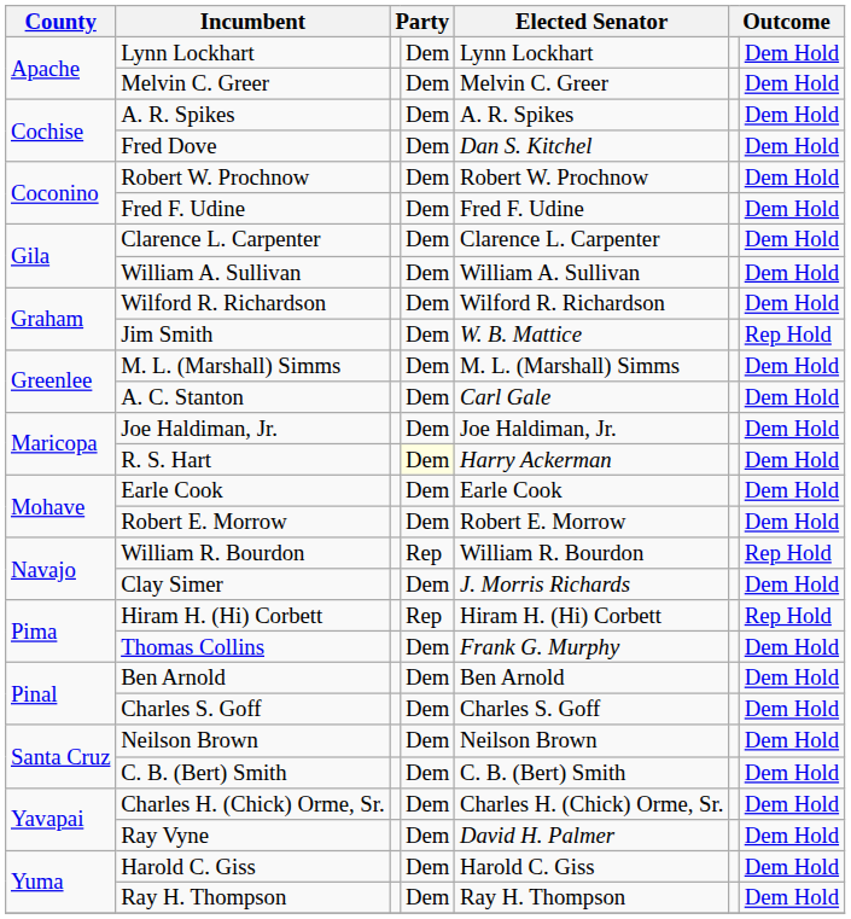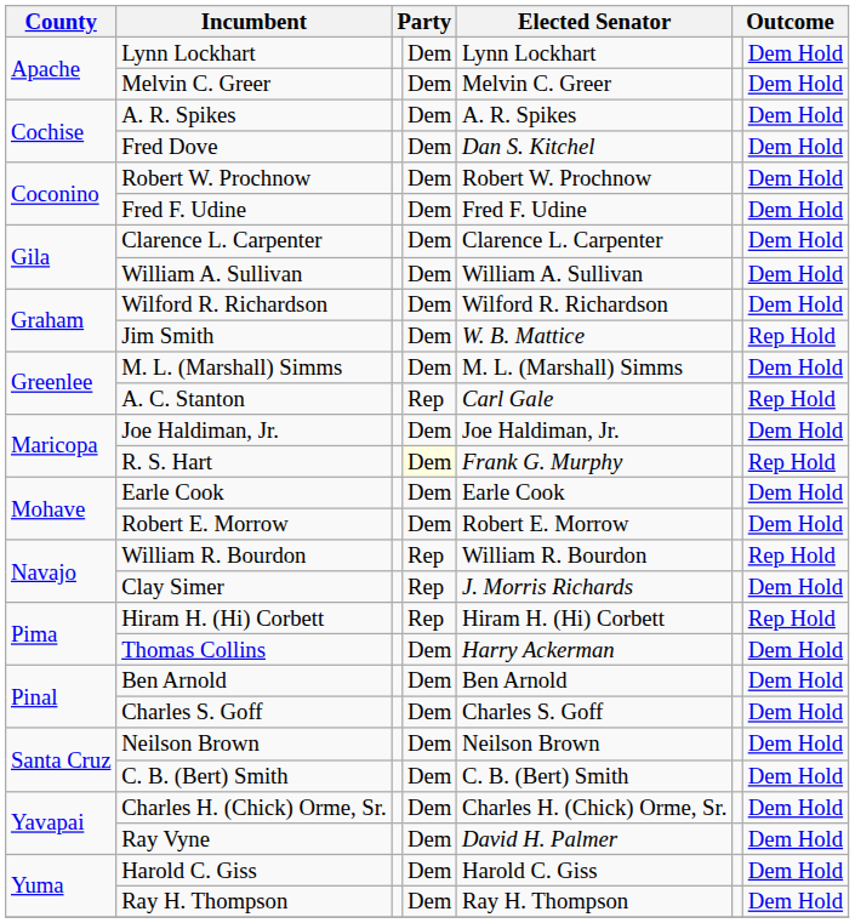 <table class="sortable wikitable" style="font-size:95%;line-height:14px;">
 <tr>
 <th><a href='#'>County</a></th>
 <th>Incumbent</th>
 <th colspan="2">Party</th>
 <th>Elected Senator</th>
 <th colspan="2">Outcome</th>
 </tr>
 <tr>
 <td rowspan="2"><a href='#'>Apache</a></td>
 <td>Lynn Lockhart</td>
 <td style="background:"></td>
 <td>Dem</td>
 <td>Lynn Lockhart</td>
 <td style="background:"></td>
 <td><a href='#'>Dem Hold</a></td>
 </tr>
 <tr>
 <td>Melvin C. Greer</td>
 <td style="background:"></td>
 <td>Dem</td>
 <td>Melvin C. Greer</td>
 <td style="background:"></td>
 <td><a href='#'>Dem Hold</a></td>
 </tr>
 <tr>
 <td rowspan="2"><a href='#'>Cochise</a></td>
 <td>A. R. Spikes</td>
 <td style="background:"></td>
 <td>Dem</td>
 <td>A. R. Spikes</td>
 <td style="background:"></td>
 <td><a href='#'>Dem Hold</a></td>
 </tr>
 <tr>
 <td>Fred Dove</td>
 <td style="background:"></td>
 <td>Dem</td>
 <td><em>Dan S. Kitchel</em></td>
 <td style="background:"></td>
 <td><a href='#'>Dem Hold</a></td>
 </tr>
 <tr>
 <td rowspan="2"><a href='#'>Coconino</a></td>
 <td>Robert W. Prochnow</td>
 <td style="background:"></td>
 <td>Dem</td>
 <td>Robert W. Prochnow</td>
 <td style="background:"></td>
 <td><a href='#'>Dem Hold</a></td>
 </tr>
 <tr>
 <td>Fred F. Udine</td>
 <td style="background:"></td>
 <td>Dem</td>
 <td>Fred F. Udine</td>
 <td style="background:"></td>
 <td><a href='#'>Dem Hold</a></td>
 </tr>
 <tr>
 <td rowspan="2"><a href='#'>Gila</a></td>
 <td>Clarence L. Carpenter</td>
 <td style="background:"></td>
 <td>Dem</td>
 <td>Clarence L. Carpenter</td>
 <td style="background:"></td>
 <td><a href='#'>Dem Hold</a></td>
 </tr>
 <tr>
 <td>William A. Sullivan</td>
 <td style="background:"></td>
 <td>Dem</td>
 <td>William A. Sullivan</td>
 <td style="background:"></td>
 <td><a href='#'>Dem Hold</a></td>
 </tr>
 <tr>
 <td rowspan="2"><a href='#'>Graham</a></td>
 <td>Wilford R. Richardson</td>
 <td style="background:"></td>
 <td>Dem</td>
 <td>Wilford R. Richardson</td>
 <td style="background:"></td>
 <td><a href='#'>Dem Hold</a></td>
 </tr>
 <tr>
 <td>Jim Smith</td>
 <td style="background:"></td>
 <td>Dem</td>
 <td><em>W. B. Mattice</em></td>
 <td style="background:"></td>
 <td><a href='#'>Rep Hold</a></td>
 </tr>
 <tr>
 <td rowspan="2"><a href='#'>Greenlee</a></td>
 <td>M. L. (Marshall) Simms</td>
 <td style="background:"></td>
 <td>Dem</td>
 <td>M. L. (Marshall) Simms</td>
 <td style="background:"></td>
 <td><a href='#'>Dem Hold</a></td>
 </tr>
 <tr>
 <td>A. C. Stanton</td>
 <td style="background:"></td>
-<td>Dem</td>
+<td>Rep</td>
 <td><em>Carl Gale</em></td>
 <td style="background:"></td>
-<td><a href='#'>Dem Hold</a></td>
+<td><a href='#'>Rep Hold</a></td>
 </tr>
 <tr>
 <td rowspan="2"><a href='#'>Maricopa</a></td>
 <td>Joe Haldiman, Jr.</td>
 <td style="background:"></td>
 <td>Dem</td>
 <td>Joe Haldiman, Jr.</td>
 <td style="background:"></td>
 <td><a href='#'>Dem Hold</a></td>
 </tr>
 <tr>
 <td>R. S. Hart</td>
 <td style="background:"></td>
 <td style="background: lightyellow;">Dem</td>
-<td><em>Harry Ackerman</em></td>
+<td><em>Frank G. Murphy</em></td>
 <td style="background:"></td>
-<td><a href='#'>Dem Hold</a></td>
+<td><a href='#'>Rep Hold</a></td>
 </tr>
 <tr>
 <td rowspan="2"><a href='#'>Mohave</a></td>
 <td>Earle Cook</td>
 <td style="background:"></td>
 <td>Dem</td>
 <td>Earle Cook</td>
 <td style="background:"></td>
 <td><a href='#'>Dem Hold</a></td>
 </tr>
 <tr>
 <td>Robert E. Morrow</td>
 <td style="background:"></td>
 <td>Dem</td>
 <td>Robert E. Morrow</td>
 <td style="background:"></td>
 <td><a href='#'>Dem Hold</a></td>
 </tr>
 <tr>
 <td rowspan="2"><a href='#'>Navajo</a></td>
 <td>William R. Bourdon</td>
 <td style="background:"></td>
 <td>Rep</td>
 <td>William R. Bourdon</td>
 <td style="background:"></td>
 <td><a href='#'>Rep Hold</a></td>
 </tr>
 <tr>
 <td>Clay Simer</td>
 <td style="background:"></td>
-<td>Dem</td>
+<td>Rep</td>
 <td><em>J. Morris Richards</em></td>
 <td style="background:"></td>
 <td><a href='#'>Dem Hold</a></td>
 </tr>
 <tr>
 <td rowspan="2"><a href='#'>Pima</a></td>
 <td>Hiram H. (Hi) Corbett</td>
 <td style="background:"></td>
 <td>Rep</td>
 <td>Hiram H. (Hi) Corbett</td>
 <td style="background:"></td>
 <td><a href='#'>Rep Hold</a></td>
 </tr>
 <tr>
 <td><a href='#'>Thomas Collins</a></td>
 <td style="background:"></td>
 <td>Dem</td>
-<td><em>Frank G. Murphy</em></td>
+<td><em>Harry Ackerman</em></td>
 <td style="background:"></td>
 <td><a href='#'>Dem Hold</a></td>
 </tr>
 <tr>
 <td rowspan="2"><a href='#'>Pinal</a></td>
 <td>Ben Arnold</td>
 <td style="background:"></td>
 <td>Dem</td>
 <td>Ben Arnold</td>
 <td style="background:"></td>
 <td><a href='#'>Dem Hold</a></td>
 </tr>
 <tr>
 <td>Charles S. Goff</td>
 <td style="background:"></td>
 <td>Dem</td>
 <td>Charles S. Goff</td>
 <td style="background:"></td>
 <td><a href='#'>Dem Hold</a></td>
 </tr>
 <tr>
 <td rowspan="2"><a href='#'>Santa Cruz</a></td>
 <td>Neilson Brown</td>
 <td style="background:"></td>
 <td>Dem</td>
 <td>Neilson Brown</td>
 <td style="background:"></td>
 <td><a href='#'>Dem Hold</a></td>
 </tr>
 <tr>
 <td>C. B. (Bert) Smith</td>
 <td style="background:"></td>
 <td>Dem</td>
 <td>C. B. (Bert) Smith</td>
 <td style="background:"></td>
 <td><a href='#'>Dem Hold</a></td>
 </tr>
 <tr>
 <td rowspan="2"><a href='#'>Yavapai</a></td>
 <td>Charles H. (Chick) Orme, Sr.</td>
 <td style="background:"></td>
 <td>Dem</td>
 <td>Charles H. (Chick) Orme, Sr.</td>
 <td style="background:"></td>
 <td><a href='#'>Dem Hold</a></td>
 </tr>
 <tr>
 <td>Ray Vyne</td>
 <td style="background:"></td>
 <td>Dem</td>
 <td><em>David H. Palmer</em></td>
 <td style="background:"></td>
 <td><a href='#'>Dem Hold</a></td>
 </tr>
 <tr>
 <td rowspan="2"><a href='#'>Yuma</a></td>
 <td>Harold C. Giss</td>
 <td style="background:"></td>
 <td>Dem</td>
 <td>Harold C. Giss</td>
 <td style="background:"></td>
 <td><a href='#'>Dem Hold</a></td>
 </tr>
 <tr>
 <td>Ray H. Thompson</td>
 <td style="background:"></td>
 <td>Dem</td>
 <td>Ray H. Thompson</td>
 <td style="background:"></td>
 <td><a href='#'>Dem Hold</a></td>
 </tr>
 <tr>
 </tr>
 </table>
